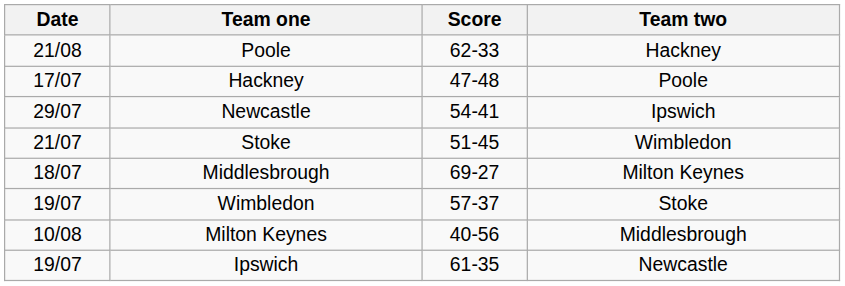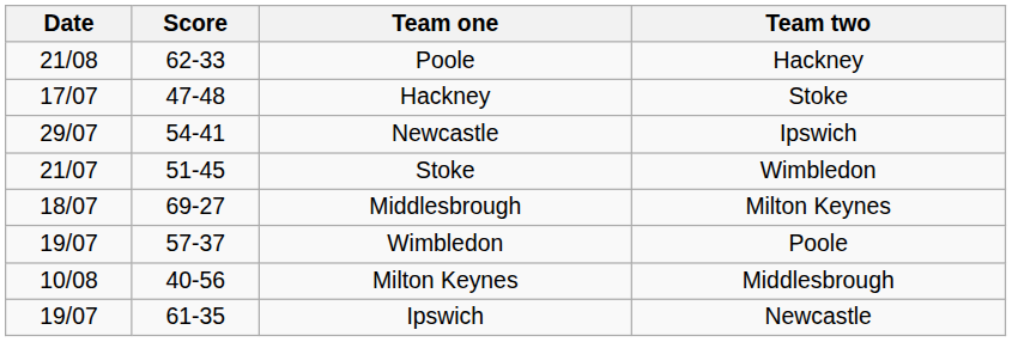 <table class="wikitable" style="text-align: center">
 <tr>
 <th width=80>Date</th>
+<th width=80>Score</th>
 <th width=250>Team one</th>
-<th width=80>Score</th>
 <th width=250>Team two</th>
 </tr>
 <tr>
 <td>21/08</td>
+<td>62-33</td>
 <td>Poole</td>
-<td>62-33</td>
 <td>Hackney</td>
 </tr>
 <tr>
 <td>17/07</td>
+<td>47-48</td>
 <td>Hackney</td>
-<td>47-48</td>
-<td>Poole</td>
+<td>Stoke</td>
 </tr>
 <tr>
 <td>29/07</td>
+<td>54-41</td>
 <td>Newcastle</td>
-<td>54-41</td>
 <td>Ipswich</td>
 </tr>
 <tr>
 <td>21/07</td>
+<td>51-45</td>
 <td>Stoke</td>
-<td>51-45</td>
 <td>Wimbledon</td>
 </tr>
 <tr>
 <td>18/07</td>
+<td>69-27</td>
 <td>Middlesbrough</td>
-<td>69-27</td>
 <td>Milton Keynes</td>
 </tr>
 <tr>
 <td>19/07</td>
+<td>57-37</td>
 <td>Wimbledon</td>
-<td>57-37</td>
-<td>Stoke</td>
+<td>Poole</td>
 </tr>
 <tr>
 <td>10/08</td>
+<td>40-56</td>
 <td>Milton Keynes</td>
-<td>40-56</td>
 <td>Middlesbrough</td>
 </tr>
 <tr>
 <td>19/07</td>
+<td>61-35</td>
 <td>Ipswich</td>
-<td>61-35</td>
 <td>Newcastle</td>
 </tr>
 </table>
